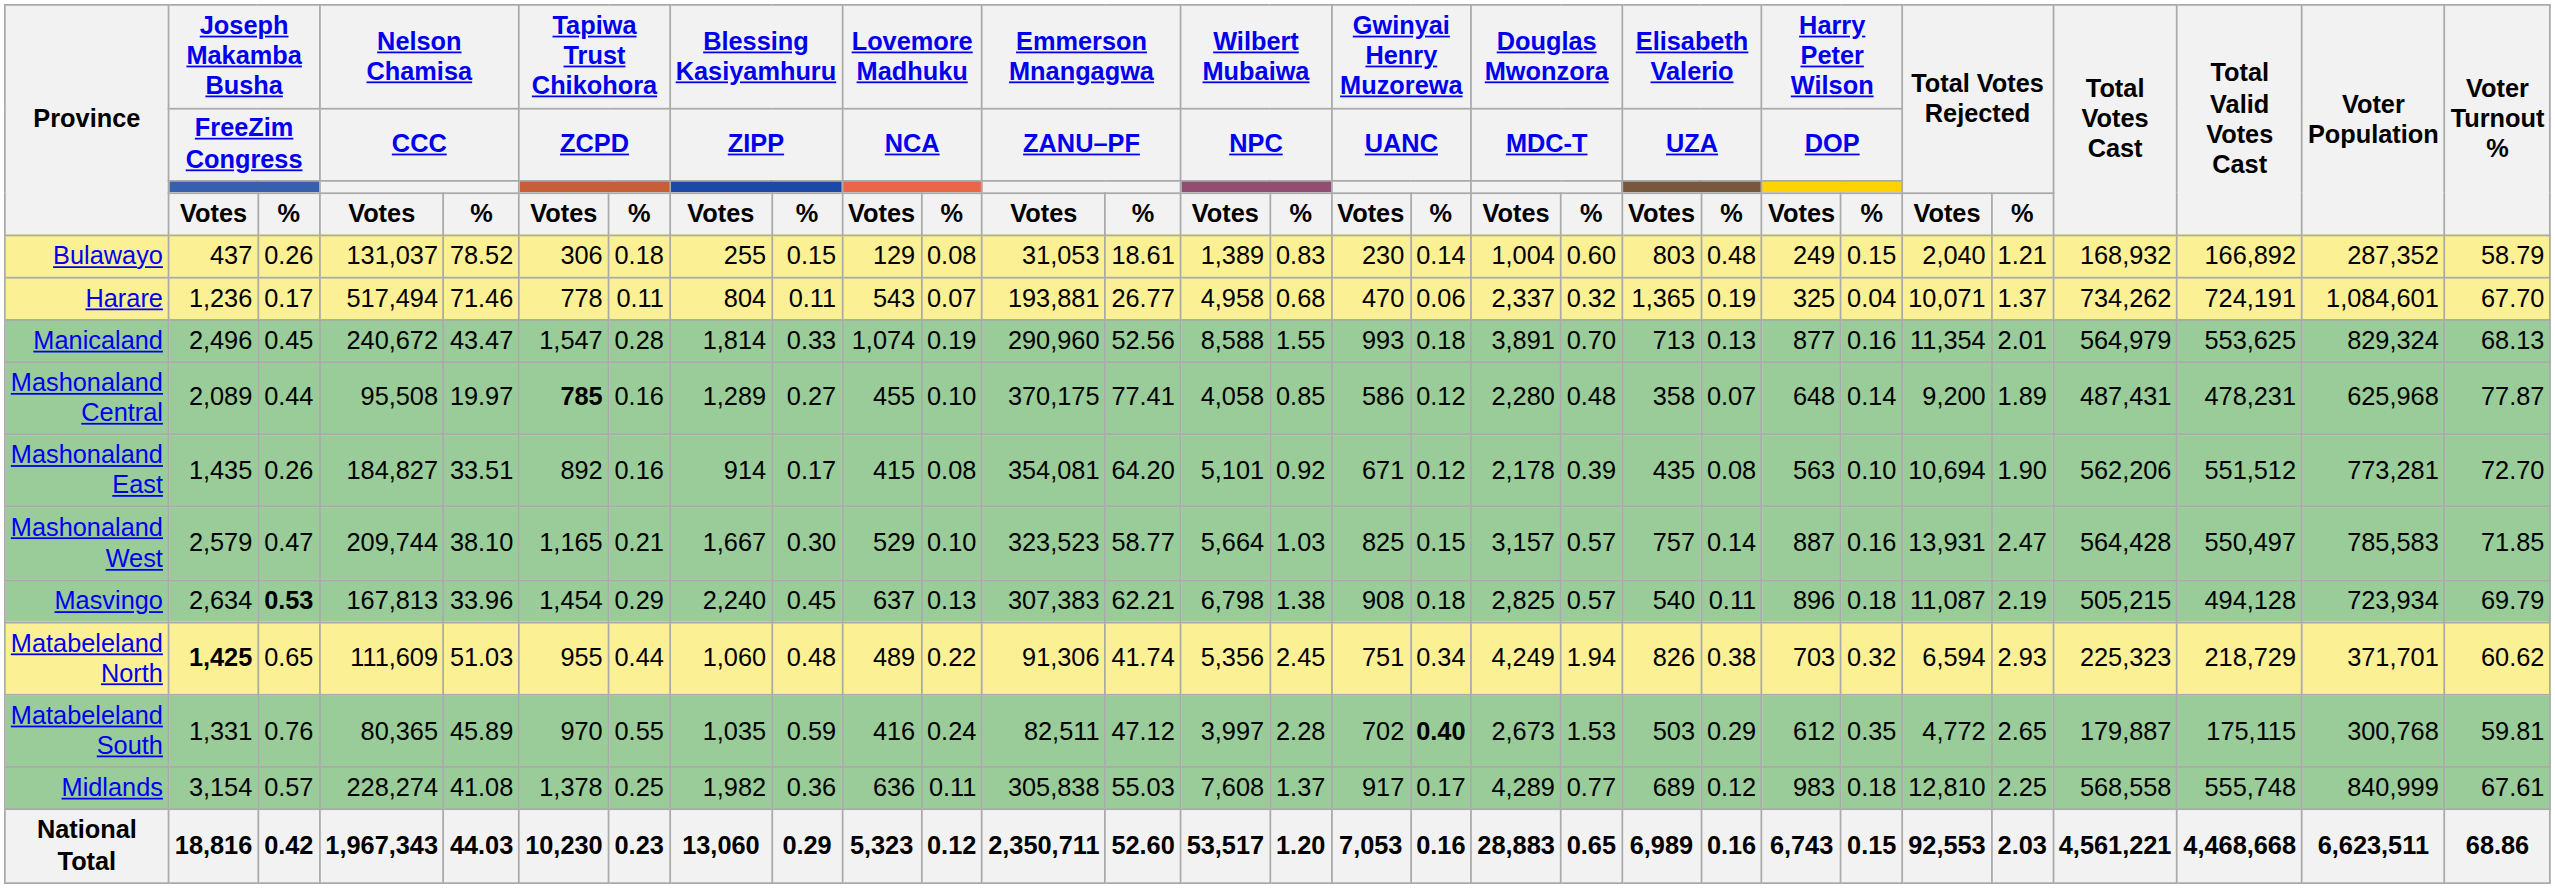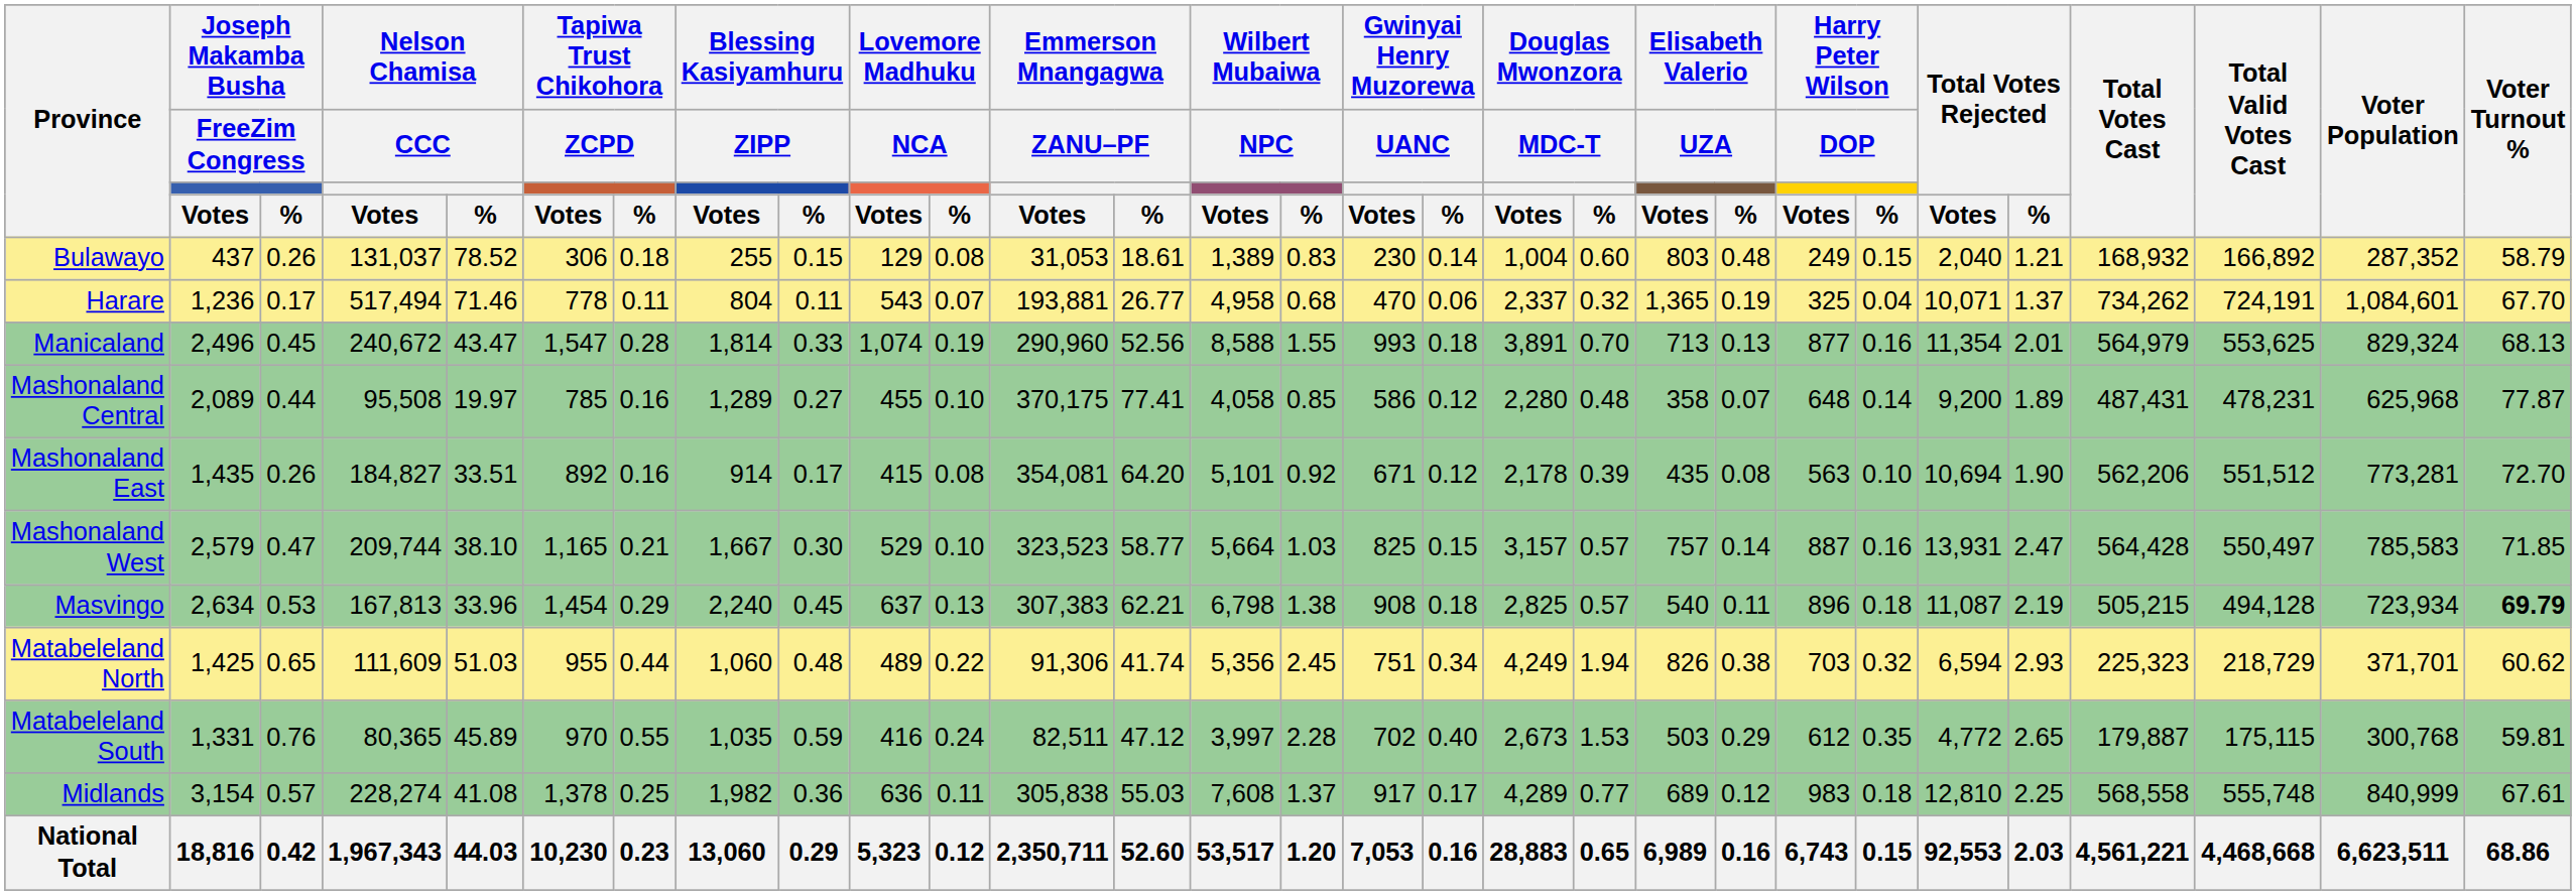 <table class="wikitable sortable" style="text-align:right;font-size:90%;line-height:1.2">
 <tr>
 <th rowspan="4">Province</th>
 <th colspan="2"><a href='#'>Joseph Makamba Busha</a></th>
 <th colspan="2"><a href='#'>Nelson Chamisa</a></th>
 <th colspan="2"><a href='#'>Tapiwa Trust Chikohora</a></th>
 <th colspan="2"><a href='#'>Blessing Kasiyamhuru</a></th>
 <th colspan="2"><a href='#'>Lovemore Madhuku</a></th>
 <th colspan="2"><a href='#'>Emmerson Mnangagwa</a></th>
 <th colspan="2"><a href='#'>Wilbert Mubaiwa</a></th>
 <th colspan="2"><a href='#'>Gwinyai Henry Muzorewa</a></th>
 <th colspan="2"><a href='#'>Douglas Mwonzora</a></th>
 <th colspan="2"><a href='#'>Elisabeth Valerio</a></th>
 <th colspan="2"><a href='#'>Harry Peter Wilson</a></th>
 <th colspan="2" rowspan="3">Total Votes Rejected</th>
 <th rowspan="4">Total Votes Cast</th>
 <th rowspan="4">Total Valid Votes Cast</th>
 <th rowspan="4">Voter Population</th>
 <th rowspan="4">Voter Turnout %</th>
 </tr>
 <tr>
 <th colspan="2"><a href='#'>FreeZim Congress</a></th>
 <th colspan="2"><a href='#'>CCC</a></th>
 <th colspan="2"><a href='#'>ZCPD</a></th>
 <th colspan="2"><a href='#'>ZIPP</a></th>
 <th colspan="2"><a href='#'>NCA</a></th>
 <th colspan="2"><a href='#'>ZANU–PF</a></th>
 <th colspan="2"><a href='#'>NPC</a></th>
 <th colspan="2"><a href='#'>UANC</a></th>
 <th colspan="2"><a href='#'>MDC-T</a></th>
 <th colspan="2"><a href='#'>UZA</a></th>
 <th colspan="2"><a href='#'>DOP</a></th>
 </tr>
 <tr>
 <th colspan="2" style="background:#365FAE;"></th>
 <th colspan="2" style="background:"></th>
 <th colspan="2" style="background:#C65F38;"></th>
 <th colspan="2" style="background:#1C49A6;"></th>
 <th colspan="2" style="background:#EA6646;"></th>
 <th colspan="2" style="background:"></th>
 <th colspan="2" style="background:#914D72;"></th>
 <th colspan="2" style="background:"></th>
 <th colspan="2" style="background:"></th>
 <th colspan="2" style="background:#78573E;"></th>
 <th colspan="2" style="background:#ffd203;"></th>
 </tr>
 <tr>
 <th>Votes</th>
 <th>%</th>
 <th>Votes</th>
 <th>%</th>
 <th>Votes</th>
 <th>%</th>
 <th>Votes</th>
 <th>%</th>
 <th>Votes</th>
 <th>%</th>
 <th>Votes</th>
 <th>%</th>
 <th>Votes</th>
 <th>%</th>
 <th>Votes</th>
 <th>%</th>
 <th>Votes</th>
 <th>%</th>
 <th>Votes</th>
 <th>%</th>
 <th>Votes</th>
 <th>%</th>
 <th>Votes</th>
 <th>%</th>
 </tr>
 <tr bgcolor=fcf094>
 <td><a href='#'>Bulawayo</a></td>
 <td>437</td>
 <td>0.26</td>
 <td>131,037</td>
 <td>78.52</td>
 <td>306</td>
 <td>0.18</td>
 <td>255</td>
 <td>0.15</td>
 <td>129</td>
 <td>0.08</td>
 <td>31,053</td>
 <td>18.61</td>
 <td>1,389</td>
 <td>0.83</td>
 <td>230</td>
 <td>0.14</td>
 <td>1,004</td>
 <td>0.60</td>
 <td>803</td>
 <td>0.48</td>
 <td>249</td>
 <td>0.15</td>
 <td>2,040</td>
 <td>1.21</td>
 <td>168,932</td>
 <td>166,892</td>
 <td>287,352</td>
 <td>58.79</td>
 </tr>
 <tr bgcolor=fcf094>
 <td><a href='#'>Harare</a></td>
 <td>1,236</td>
 <td>0.17</td>
 <td>517,494</td>
 <td>71.46</td>
 <td>778</td>
 <td>0.11</td>
 <td>804</td>
 <td>0.11</td>
 <td>543</td>
 <td>0.07</td>
 <td>193,881</td>
 <td>26.77</td>
 <td>4,958</td>
 <td>0.68</td>
 <td>470</td>
 <td>0.06</td>
 <td>2,337</td>
 <td>0.32</td>
 <td>1,365</td>
 <td>0.19</td>
 <td>325</td>
 <td>0.04</td>
 <td>10,071</td>
 <td>1.37</td>
 <td>734,262</td>
 <td>724,191</td>
 <td>1,084,601</td>
 <td>67.70</td>
 </tr>
 <tr bgcolor=#99cc99>
 <td><a href='#'>Manicaland</a></td>
 <td>2,496</td>
 <td>0.45</td>
 <td>240,672</td>
 <td>43.47</td>
 <td>1,547</td>
 <td>0.28</td>
 <td>1,814</td>
 <td>0.33</td>
 <td>1,074</td>
 <td>0.19</td>
 <td>290,960</td>
 <td>52.56</td>
 <td>8,588</td>
 <td>1.55</td>
 <td>993</td>
 <td>0.18</td>
 <td>3,891</td>
 <td>0.70</td>
 <td>713</td>
 <td>0.13</td>
 <td>877</td>
 <td>0.16</td>
 <td>11,354</td>
 <td>2.01</td>
 <td>564,979</td>
 <td>553,625</td>
 <td>829,324</td>
 <td>68.13</td>
 </tr>
 <tr bgcolor=#99cc99>
 <td><a href='#'>Mashonaland Central</a></td>
 <td>2,089</td>
 <td>0.44</td>
 <td>95,508</td>
 <td>19.97</td>
-<td><strong>785</strong></td>
+<td>785</td>
 <td>0.16</td>
 <td>1,289</td>
 <td>0.27</td>
 <td>455</td>
 <td>0.10</td>
 <td>370,175</td>
 <td>77.41</td>
 <td>4,058</td>
 <td>0.85</td>
 <td>586</td>
 <td>0.12</td>
 <td>2,280</td>
 <td>0.48</td>
 <td>358</td>
 <td>0.07</td>
 <td>648</td>
 <td>0.14</td>
 <td>9,200</td>
 <td>1.89</td>
 <td>487,431</td>
 <td>478,231</td>
 <td>625,968</td>
 <td>77.87</td>
 </tr>
 <tr bgcolor=#99cc99>
 <td><a href='#'>Mashonaland East</a></td>
 <td>1,435</td>
 <td>0.26</td>
 <td>184,827</td>
 <td>33.51</td>
 <td>892</td>
 <td>0.16</td>
 <td>914</td>
 <td>0.17</td>
 <td>415</td>
 <td>0.08</td>
 <td>354,081</td>
 <td>64.20</td>
 <td>5,101</td>
 <td>0.92</td>
 <td>671</td>
 <td>0.12</td>
 <td>2,178</td>
 <td>0.39</td>
 <td>435</td>
 <td>0.08</td>
 <td>563</td>
 <td>0.10</td>
 <td>10,694</td>
 <td>1.90</td>
 <td>562,206</td>
 <td>551,512</td>
 <td>773,281</td>
 <td>72.70</td>
 </tr>
 <tr bgcolor=#99cc99>
 <td><a href='#'>Mashonaland West</a></td>
 <td>2,579</td>
 <td>0.47</td>
 <td>209,744</td>
 <td>38.10</td>
 <td>1,165</td>
 <td>0.21</td>
 <td>1,667</td>
 <td>0.30</td>
 <td>529</td>
 <td>0.10</td>
 <td>323,523</td>
 <td>58.77</td>
 <td>5,664</td>
 <td>1.03</td>
 <td>825</td>
 <td>0.15</td>
 <td>3,157</td>
 <td>0.57</td>
 <td>757</td>
 <td>0.14</td>
 <td>887</td>
 <td>0.16</td>
 <td>13,931</td>
 <td>2.47</td>
 <td>564,428</td>
 <td>550,497</td>
 <td>785,583</td>
 <td>71.85</td>
 </tr>
 <tr bgcolor=#99cc99>
 <td><a href='#'>Masvingo</a></td>
 <td>2,634</td>
-<td><strong>0.53</strong></td>
+<td>0.53</td>
 <td>167,813</td>
 <td>33.96</td>
 <td>1,454</td>
 <td>0.29</td>
 <td>2,240</td>
 <td>0.45</td>
 <td>637</td>
 <td>0.13</td>
 <td>307,383</td>
 <td>62.21</td>
 <td>6,798</td>
 <td>1.38</td>
 <td>908</td>
 <td>0.18</td>
 <td>2,825</td>
 <td>0.57</td>
 <td>540</td>
 <td>0.11</td>
 <td>896</td>
 <td>0.18</td>
 <td>11,087</td>
 <td>2.19</td>
 <td>505,215</td>
 <td>494,128</td>
 <td>723,934</td>
-<td>69.79</td>
+<td><strong>69.79</strong></td>
 </tr>
 <tr bgcolor=fcf094>
 <td><a href='#'>Matabeleland North</a></td>
-<td><strong>1,425</strong></td>
+<td>1,425</td>
 <td>0.65</td>
 <td>111,609</td>
 <td>51.03</td>
 <td>955</td>
 <td>0.44</td>
 <td>1,060</td>
 <td>0.48</td>
 <td>489</td>
 <td>0.22</td>
 <td>91,306</td>
 <td>41.74</td>
 <td>5,356</td>
 <td>2.45</td>
 <td>751</td>
 <td>0.34</td>
 <td>4,249</td>
 <td>1.94</td>
 <td>826</td>
 <td>0.38</td>
 <td>703</td>
 <td>0.32</td>
 <td>6,594</td>
 <td>2.93</td>
 <td>225,323</td>
 <td>218,729</td>
 <td>371,701</td>
 <td>60.62</td>
 </tr>
 <tr bgcolor=#99cc99>
 <td><a href='#'>Matabeleland South</a></td>
 <td>1,331</td>
 <td>0.76</td>
 <td>80,365</td>
 <td>45.89</td>
 <td>970</td>
 <td>0.55</td>
 <td>1,035</td>
 <td>0.59</td>
 <td>416</td>
 <td>0.24</td>
 <td>82,511</td>
 <td>47.12</td>
 <td>3,997</td>
 <td>2.28</td>
 <td>702</td>
-<td><strong>0.40</strong></td>
+<td>0.40</td>
 <td>2,673</td>
 <td>1.53</td>
 <td>503</td>
 <td>0.29</td>
 <td>612</td>
 <td>0.35</td>
 <td>4,772</td>
 <td>2.65</td>
 <td>179,887</td>
 <td>175,115</td>
 <td>300,768</td>
 <td>59.81</td>
 </tr>
 <tr bgcolor=#99cc99>
 <td><a href='#'>Midlands</a></td>
 <td>3,154</td>
 <td>0.57</td>
 <td>228,274</td>
 <td>41.08</td>
 <td>1,378</td>
 <td>0.25</td>
 <td>1,982</td>
 <td>0.36</td>
 <td>636</td>
 <td>0.11</td>
 <td>305,838</td>
 <td>55.03</td>
 <td>7,608</td>
 <td>1.37</td>
 <td>917</td>
 <td>0.17</td>
 <td>4,289</td>
 <td>0.77</td>
 <td>689</td>
 <td>0.12</td>
 <td>983</td>
 <td>0.18</td>
 <td>12,810</td>
 <td>2.25</td>
 <td>568,558</td>
 <td>555,748</td>
 <td>840,999</td>
 <td>67.61</td>
 </tr>
 <tr>
 <th>National Total</th>
 <th>18,816</th>
 <th>0.42</th>
 <th>1,967,343</th>
 <th>44.03</th>
 <th>10,230</th>
 <th>0.23</th>
 <th>13,060</th>
 <th>0.29</th>
 <th>5,323</th>
 <th>0.12</th>
 <th>2,350,711</th>
 <th>52.60</th>
 <th>53,517</th>
 <th>1.20</th>
 <th>7,053</th>
 <th>0.16</th>
 <th>28,883</th>
 <th>0.65</th>
 <th>6,989</th>
 <th>0.16</th>
 <th>6,743</th>
 <th>0.15</th>
 <th>92,553</th>
 <th>2.03</th>
 <th>4,561,221</th>
 <th>4,468,668</th>
 <th>6,623,511</th>
 <th>68.86</th>
 </tr>
 </table>
